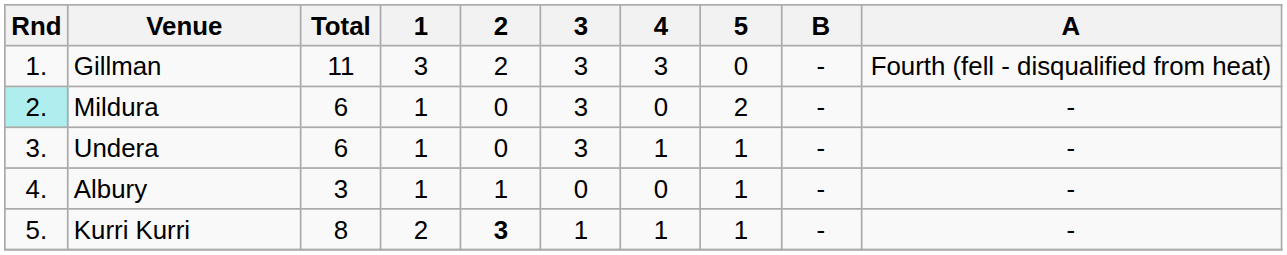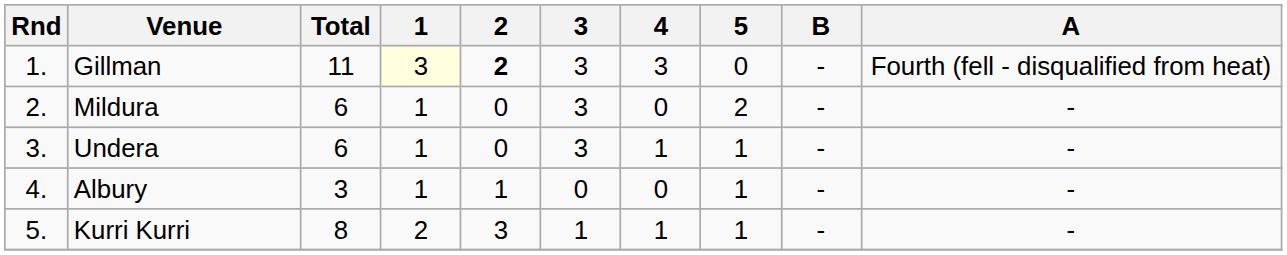 <table class="wikitable" style="font-size: 95%">
 <tr>
 <th width=30px>Rnd</th>
 <th width=130px>Venue</th>
 <th width=40px>Total</th>
 <th width=40px>1</th>
 <th width=40px>2</th>
 <th width=40px>3</th>
 <th width=40px>4</th>
 <th width=40px>5</th>
 <th width=40px>B</th>
 <th width=240px>A</th>
 </tr>
 <tr align=center>
 <td>1.</td>
 <td align=left>Gillman</td>
 <td>11</td>
-<td>3</td>
-<td>2</td>
+<td style="background: lightyellow;">3</td>
+<td><strong>2</strong></td>
 <td>3</td>
 <td>3</td>
 <td>0</td>
 <td>-</td>
 <td>Fourth (fell - disqualified from heat)</td>
 </tr>
 <tr align=center>
-<td style="background: paleturquoise;">2.</td>
+<td>2.</td>
 <td align=left>Mildura</td>
 <td>6</td>
 <td>1</td>
 <td>0</td>
 <td>3</td>
 <td>0</td>
 <td>2</td>
 <td>-</td>
 <td>-</td>
 </tr>
 <tr align=center>
 <td>3.</td>
 <td align=left>Undera</td>
 <td>6</td>
 <td>1</td>
 <td>0</td>
 <td>3</td>
 <td>1</td>
 <td>1</td>
 <td>-</td>
 <td>-</td>
 </tr>
 <tr align=center>
 <td>4.</td>
 <td align=left>Albury</td>
 <td>3</td>
 <td>1</td>
 <td>1</td>
 <td>0</td>
 <td>0</td>
 <td>1</td>
 <td>-</td>
 <td>-</td>
 </tr>
 <tr align=center>
 <td>5.</td>
 <td align=left>Kurri Kurri</td>
 <td>8</td>
 <td>2</td>
-<td><strong>3</strong></td>
+<td>3</td>
 <td>1</td>
 <td>1</td>
 <td>1</td>
 <td>-</td>
 <td>-</td>
 </tr>
 <tr align=center>
 </tr>
 </table>
